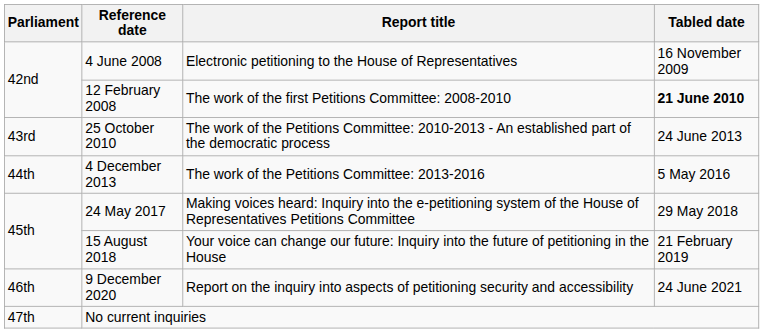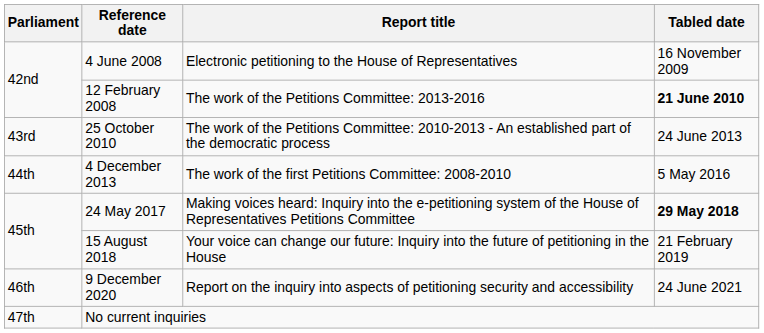 <table class="wikitable">
 <tr>
 <th>Parliament</th>
 <th>Reference date</th>
 <th>Report title</th>
 <th>Tabled date</th>
 </tr>
 <tr>
 <td rowspan="2">42nd</td>
 <td>4 June 2008</td>
 <td>Electronic petitioning to the House of Representatives </td>
 <td>16 November 2009</td>
 </tr>
 <tr>
 <td>12 February 2008</td>
-<td>The work of the first Petitions Committee: 2008-2010</td>
+<td>The work of the Petitions Committee: 2013-2016 </td>
 <td><strong>21 June 2010</strong></td>
 </tr>
 <tr>
 <td>43rd</td>
 <td>25 October 2010</td>
 <td>The work of the Petitions Committee: 2010-2013 - An established part of the democratic process</td>
 <td>24 June 2013</td>
 </tr>
 <tr>
 <td>44th</td>
 <td>4 December 2013</td>
-<td>The work of the Petitions Committee: 2013-2016 </td>
+<td>The work of the first Petitions Committee: 2008-2010</td>
 <td>5 May 2016</td>
 </tr>
 <tr>
 <td rowspan=2>45th</td>
 <td>24 May 2017</td>
 <td>Making voices heard: Inquiry into the e-petitioning system of the House of Representatives Petitions Committee</td>
-<td>29 May 2018</td>
+<td><strong>29 May 2018</strong></td>
 </tr>
 <tr>
 <td>15 August 2018</td>
 <td>Your voice can change our future: Inquiry into the future of petitioning in the House</td>
 <td>21 February 2019</td>
 </tr>
 <tr>
 <td>46th</td>
 <td>9 December 2020</td>
 <td>Report on the inquiry into aspects of petitioning security and accessibility</td>
 <td>24 June 2021</td>
 </tr>
 <tr>
 <td>47th</td>
 <td colspan="3">No current inquiries</td>
 </tr>
 </table>
